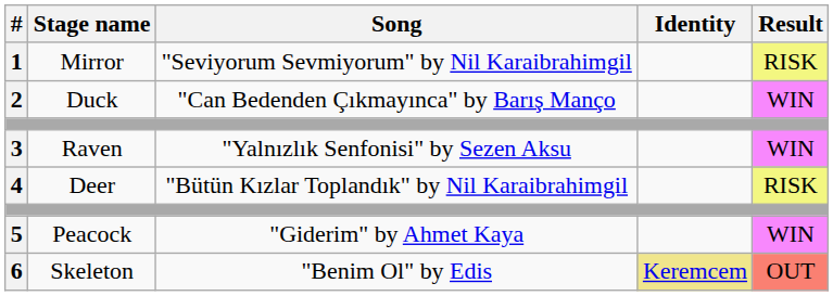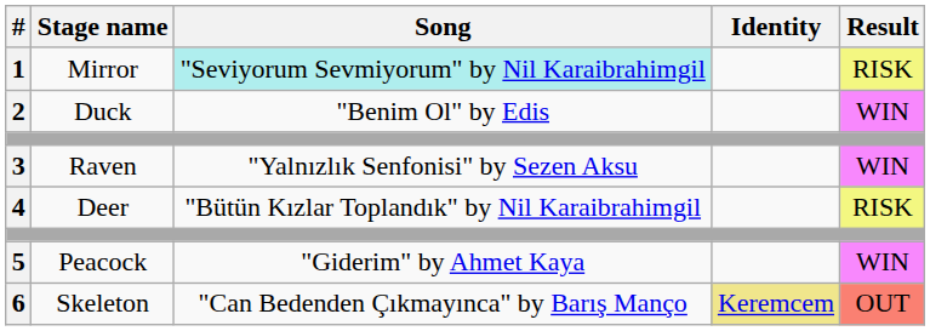 <table class="wikitable plainrowheaders" style="text-align: center;">
 <tr>
 <th>#</th>
 <th>Stage name</th>
 <th>Song</th>
 <th>Identity</th>
 <th>Result</th>
 </tr>
 <tr>
 <th>1</th>
 <td>Mirror</td>
-<td>"Seviyorum Sevmiyorum" by <a href='#'>Nil Karaibrahimgil</a></td>
+<td style="background: paleturquoise;">"Seviyorum Sevmiyorum" by <a href='#'>Nil Karaibrahimgil</a></td>
 <td></td>
 <td bgcolor="#F3F781">RISK</td>
 </tr>
 <tr>
 <th>2</th>
 <td>Duck</td>
-<td>"Can Bedenden Çıkmayınca" by <a href='#'>Barış Manço</a></td>
+<td>"Benim Ol" by <a href='#'>Edis</a></td>
 <td></td>
 <td bgcolor="#F888FD">WIN</td>
 </tr>
 <tr>
 <td colspan="5" style="background:darkgray"></td>
 </tr>
 <tr>
 <th>3</th>
 <td>Raven</td>
 <td>"Yalnızlık Senfonisi" by <a href='#'>Sezen Aksu</a></td>
 <td></td>
 <td bgcolor="#F888FD">WIN</td>
 </tr>
 <tr>
 <th>4</th>
 <td>Deer</td>
 <td>"Bütün Kızlar Toplandık" by <a href='#'>Nil Karaibrahimgil</a></td>
 <td></td>
 <td bgcolor="#F3F781">RISK</td>
 </tr>
 <tr>
 <td colspan="5" style="background:darkgray"></td>
 </tr>
 <tr>
 <th>5</th>
 <td>Peacock</td>
 <td>"Giderim" by <a href='#'>Ahmet Kaya</a></td>
 <td></td>
 <td bgcolor="#F888FD">WIN</td>
 </tr>
 <tr>
 <th>6</th>
 <td>Skeleton</td>
-<td>"Benim Ol" by <a href='#'>Edis</a></td>
+<td>"Can Bedenden Çıkmayınca" by <a href='#'>Barış Manço</a></td>
 <td style="background: khaki;"><a href='#'>Keremcem</a></td>
 <td bgcolor=salmon>OUT</td>
 </tr>
 </table>
